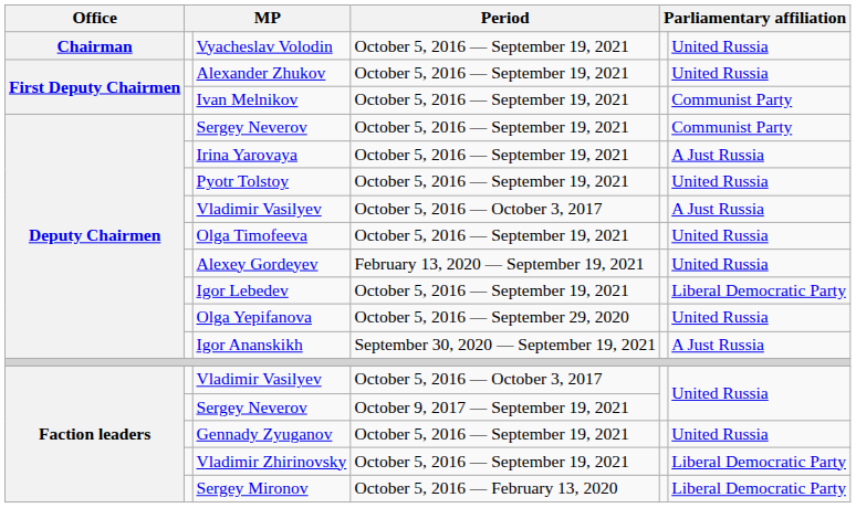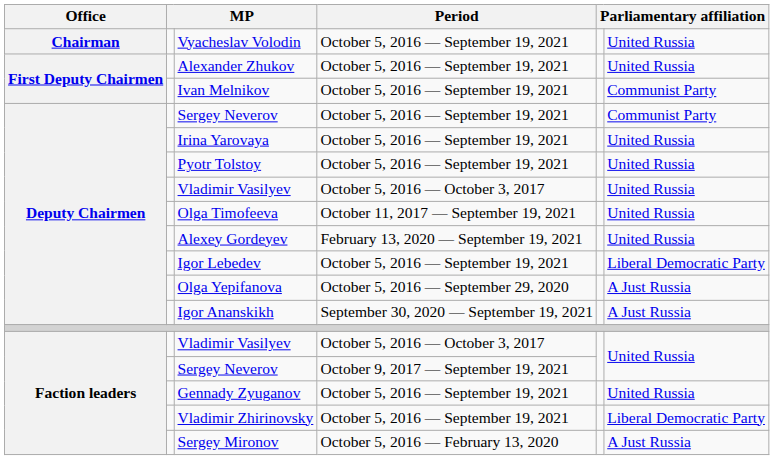 <table class=wikitable>
 <tr>
 <th>Office</th>
 <th colspan=2>MP</th>
 <th>Period</th>
 <th colspan=2>Parliamentary affiliation</th>
 </tr>
 <tr>
 <th><a href='#'>Chairman</a></th>
 <td style="background-color:"></td>
 <td><a href='#'>Vyacheslav Volodin</a></td>
 <td>October 5, 2016 — September 19, 2021</td>
 <td style="background-color:"></td>
 <td><a href='#'>United Russia</a></td>
 </tr>
 <tr>
 <th rowspan=2><a href='#'>First Deputy Chairmen</a></th>
 <td style="background-color:"></td>
 <td><a href='#'>Alexander Zhukov</a></td>
 <td>October 5, 2016 — September 19, 2021</td>
 <td style="background-color:"></td>
 <td><a href='#'>United Russia</a></td>
 </tr>
 <tr>
 <td style="background-color:"></td>
 <td><a href='#'>Ivan Melnikov</a></td>
 <td>October 5, 2016 — September 19, 2021</td>
 <td style="background-color:"></td>
 <td><a href='#'>Communist Party</a></td>
 </tr>
 <tr>
 <th rowspan=9><a href='#'>Deputy Chairmen</a></th>
 <td style="background-color:"></td>
 <td><a href='#'>Sergey Neverov</a></td>
 <td>October 5, 2016 — September 19, 2021</td>
 <td style="background-color:"></td>
 <td><a href='#'>Communist Party</a></td>
 </tr>
 <tr>
 <td style="background-color:"></td>
 <td><a href='#'>Irina Yarovaya</a></td>
 <td>October 5, 2016 — September 19, 2021</td>
 <td style="background-color:"></td>
-<td><a href='#'>A Just Russia</a></td>
+<td><a href='#'>United Russia</a></td>
 </tr>
 <tr>
 <td style="background-color:"></td>
 <td><a href='#'>Pyotr Tolstoy</a></td>
 <td>October 5, 2016 — September 19, 2021</td>
 <td style="background-color:"></td>
 <td><a href='#'>United Russia</a></td>
 </tr>
 <tr>
 <td style="background-color:"></td>
 <td><a href='#'>Vladimir Vasilyev</a></td>
 <td>October 5, 2016 — October 3, 2017</td>
 <td style="background-color:"></td>
-<td><a href='#'>A Just Russia</a></td>
+<td><a href='#'>United Russia</a></td>
 </tr>
 <tr>
 <td style="background-color:"></td>
 <td><a href='#'>Olga Timofeeva</a></td>
-<td>October 5, 2016 — September 19, 2021</td>
+<td>October 11, 2017 — September 19, 2021</td>
 <td style="background-color:"></td>
 <td><a href='#'>United Russia</a></td>
 </tr>
 <tr>
 <td style="background-color:"></td>
 <td><a href='#'>Alexey Gordeyev</a></td>
 <td>February 13, 2020 — September 19, 2021</td>
 <td style="background-color:"></td>
 <td><a href='#'>United Russia</a></td>
 </tr>
 <tr>
 <td style="background-color:"></td>
 <td><a href='#'>Igor Lebedev</a></td>
 <td>October 5, 2016 — September 19, 2021</td>
 <td style="background-color:"></td>
 <td><a href='#'>Liberal Democratic Party</a></td>
 </tr>
 <tr>
 <td style="background-color:"></td>
 <td><a href='#'>Olga Yepifanova</a></td>
 <td>October 5, 2016 — September 29, 2020</td>
 <td style="background-color:"></td>
-<td><a href='#'>United Russia</a></td>
+<td><a href='#'>A Just Russia</a></td>
 </tr>
 <tr>
 <td style="background-color:"></td>
 <td><a href='#'>Igor Ananskikh</a></td>
 <td>September 30, 2020 — September 19, 2021</td>
 <td style="background-color:"></td>
 <td><a href='#'>A Just Russia</a></td>
 </tr>
 <tr>
 <td colspan=7; bgcolor="lightgrey"></td>
 </tr>
 <tr>
 <th rowspan=5>Faction leaders</th>
 <td style="background-color:"></td>
 <td><a href='#'>Vladimir Vasilyev</a></td>
 <td>October 5, 2016 — October 3, 2017</td>
 <td rowspan=2 style="background-color:"></td>
 <td rowspan=2><a href='#'>United Russia</a></td>
 </tr>
 <tr>
 <td style="background-color:"></td>
 <td><a href='#'>Sergey Neverov</a></td>
 <td>October 9, 2017 — September 19, 2021</td>
 </tr>
 <tr>
 <td style="background-color:"></td>
 <td><a href='#'>Gennady Zyuganov</a></td>
 <td>October 5, 2016 — September 19, 2021</td>
 <td style="background-color:"></td>
 <td><a href='#'>United Russia</a></td>
 </tr>
 <tr>
 <td style="background-color:"></td>
 <td><a href='#'>Vladimir Zhirinovsky</a></td>
 <td>October 5, 2016 — September 19, 2021</td>
 <td style="background-color:"></td>
 <td><a href='#'>Liberal Democratic Party</a></td>
 </tr>
 <tr>
 <td style="background-color:"></td>
 <td><a href='#'>Sergey Mironov</a></td>
 <td>October 5, 2016 — February 13, 2020</td>
 <td style="background-color:"></td>
-<td><a href='#'>Liberal Democratic Party</a></td>
+<td><a href='#'>A Just Russia</a></td>
 </tr>
 </table>
